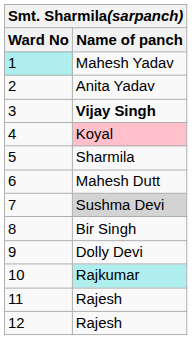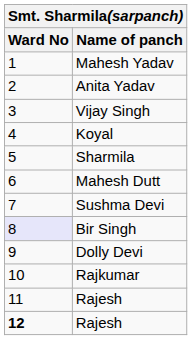 <table class="wikitable">
 <tr>
 <th colspan="2">Smt. Sharmila<em>(sarpanch)</em></th>
 </tr>
 <tr>
 <th>Ward No</th>
 <th>Name of panch</th>
 </tr>
 <tr>
-<td style="background: paleturquoise;">1</td>
+<td>1</td>
 <td>Mahesh Yadav</td>
 </tr>
 <tr>
 <td>2</td>
 <td>Anita Yadav</td>
 </tr>
 <tr>
 <td>3</td>
-<td><strong>Vijay Singh</strong></td>
+<td>Vijay Singh</td>
 </tr>
 <tr>
 <td>4</td>
-<td style="background: pink;">Koyal</td>
+<td>Koyal</td>
 </tr>
 <tr>
 <td>5</td>
 <td>Sharmila</td>
 </tr>
 <tr>
 <td>6</td>
 <td>Mahesh Dutt</td>
 </tr>
 <tr>
 <td>7</td>
-<td style="background: lightgrey;">Sushma Devi</td>
+<td>Sushma Devi</td>
 </tr>
 <tr>
-<td>8</td>
+<td style="background: lavender;">8</td>
 <td>Bir Singh</td>
 </tr>
 <tr>
 <td>9</td>
 <td>Dolly Devi</td>
 </tr>
 <tr>
 <td>10</td>
-<td style="background: paleturquoise;">Rajkumar</td>
+<td>Rajkumar</td>
 </tr>
 <tr>
 <td>11</td>
 <td>Rajesh</td>
 </tr>
 <tr>
-<td>12</td>
+<td><strong>12</strong></td>
 <td>Rajesh</td>
 </tr>
 </table>
